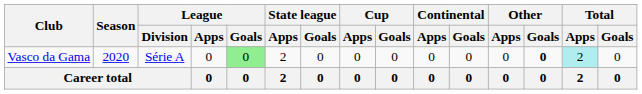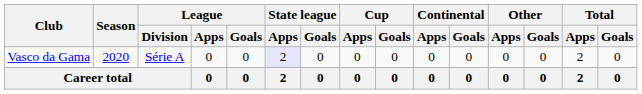 <table class="wikitable" style="text-align: center">
 <tr>
 <th rowspan="2">Club</th>
 <th rowspan="2">Season</th>
 <th colspan="3">League</th>
 <th colspan="2">State league</th>
 <th colspan="2">Cup</th>
 <th colspan="2">Continental</th>
 <th colspan="2">Other</th>
 <th colspan="2">Total</th>
 </tr>
 <tr>
 <th>Division</th>
 <th>Apps</th>
 <th>Goals</th>
 <th>Apps</th>
 <th>Goals</th>
 <th>Apps</th>
 <th>Goals</th>
 <th>Apps</th>
 <th>Goals</th>
 <th>Apps</th>
 <th>Goals</th>
 <th>Apps</th>
 <th>Goals</th>
 </tr>
 <tr>
 <td><a href='#'>Vasco da Gama</a></td>
 <td><a href='#'>2020</a></td>
 <td><a href='#'>Série A</a></td>
 <td>0</td>
-<td style="background: lightgreen;">0</td>
-<td>2</td>
+<td>0</td>
+<td style="background: lavender;">2</td>
 <td>0</td>
 <td>0</td>
 <td>0</td>
 <td>0</td>
 <td>0</td>
 <td>0</td>
-<td><strong>0</strong></td>
-<td style="background: paleturquoise;">2</td>
+<td>0</td>
+<td>2</td>
 <td>0</td>
 </tr>
 <tr>
 <th colspan="3"><strong>Career total</strong></th>
 <th>0</th>
 <th>0</th>
 <th>2</th>
 <th>0</th>
 <th>0</th>
 <th>0</th>
 <th>0</th>
 <th>0</th>
 <th>0</th>
 <th>0</th>
 <th>2</th>
 <th>0</th>
 </tr>
 </table>
